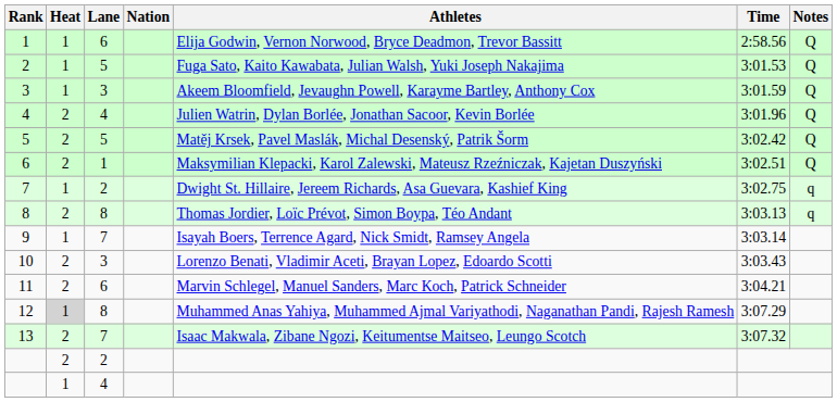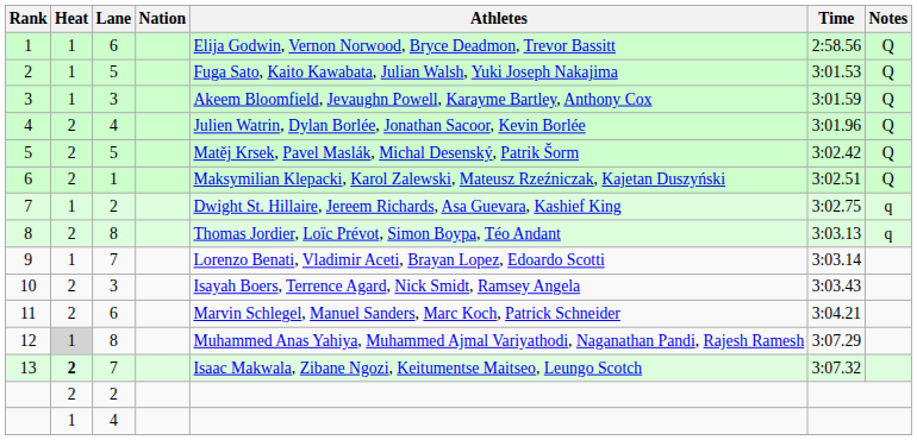 <table class="wikitable sortable" style="text-align:center; font-size:90%;">
 <tr>
 <th>Rank</th>
 <th>Heat</th>
 <th>Lane</th>
 <th>Nation</th>
 <th>Athletes</th>
 <th>Time</th>
 <th>Notes</th>
 </tr>
 <tr bgcolor=ccffcc>
 <td>1</td>
 <td>1</td>
 <td>6</td>
 <td align="left"></td>
 <td align="left"><a href='#'>Elija Godwin</a>, <a href='#'>Vernon Norwood</a>, <a href='#'>Bryce Deadmon</a>, <a href='#'>Trevor Bassitt</a></td>
 <td>2:58.56</td>
 <td>Q </td>
 </tr>
 <tr bgcolor=ccffcc>
 <td>2</td>
 <td>1</td>
 <td>5</td>
 <td align="left"></td>
 <td align="left"><a href='#'>Fuga Sato</a>, <a href='#'>Kaito Kawabata</a>, <a href='#'>Julian Walsh</a>, <a href='#'>Yuki Joseph Nakajima</a></td>
 <td>3:01.53</td>
 <td>Q </td>
 </tr>
 <tr bgcolor=ccffcc>
 <td>3</td>
 <td>1</td>
 <td>3</td>
 <td align="left"></td>
 <td align="left"><a href='#'>Akeem Bloomfield</a>, <a href='#'>Jevaughn Powell</a>, <a href='#'>Karayme Bartley</a>, <a href='#'>Anthony Cox</a></td>
 <td>3:01.59</td>
 <td>Q </td>
 </tr>
 <tr bgcolor=ccffcc>
 <td>4</td>
 <td>2</td>
 <td>4</td>
 <td align="left"></td>
 <td align="left"><a href='#'>Julien Watrin</a>, <a href='#'>Dylan Borlée</a>, <a href='#'>Jonathan Sacoor</a>, <a href='#'>Kevin Borlée</a></td>
 <td>3:01.96</td>
 <td>Q </td>
 </tr>
 <tr bgcolor=ccffcc>
 <td>5</td>
 <td>2</td>
 <td>5</td>
 <td align="left"></td>
 <td align="left"><a href='#'>Matěj Krsek</a>, <a href='#'>Pavel Maslák</a>, <a href='#'>Michal Desenský</a>, <a href='#'>Patrik Šorm</a></td>
 <td>3:02.42</td>
 <td>Q </td>
 </tr>
 <tr bgcolor=ccffcc>
 <td>6</td>
 <td>2</td>
 <td>1</td>
 <td align="left"></td>
 <td align="left"><a href='#'>Maksymilian Klepacki</a>, <a href='#'>Karol Zalewski</a>, <a href='#'>Mateusz Rzeźniczak</a>, <a href='#'>Kajetan Duszyński</a></td>
 <td>3:02.51</td>
 <td>Q </td>
 </tr>
 <tr bgcolor=ddffdd>
 <td>7</td>
 <td>1</td>
 <td>2</td>
 <td align="left"></td>
 <td align="left"><a href='#'>Dwight St. Hillaire</a>, <a href='#'>Jereem Richards</a>, <a href='#'>Asa Guevara</a>, <a href='#'>Kashief King</a></td>
 <td>3:02.75</td>
 <td>q </td>
 </tr>
 <tr bgcolor=ddffdd>
 <td>8</td>
 <td>2</td>
 <td>8</td>
 <td align="left"></td>
 <td align="left"><a href='#'>Thomas Jordier</a>, <a href='#'>Loïc Prévot</a>, <a href='#'>Simon Boypa</a>, <a href='#'>Téo Andant</a></td>
 <td>3:03.13</td>
 <td>q </td>
 </tr>
 <tr>
 <td>9</td>
 <td>1</td>
 <td>7</td>
 <td align="left"></td>
-<td align="left"><a href='#'>Isayah Boers</a>, <a href='#'>Terrence Agard</a>, <a href='#'>Nick Smidt</a>, <a href='#'>Ramsey Angela</a></td>
+<td align="left"><a href='#'>Lorenzo Benati</a>, <a href='#'>Vladimir Aceti</a>, <a href='#'>Brayan Lopez</a>, <a href='#'>Edoardo Scotti</a></td>
 <td>3:03.14</td>
 <td></td>
 </tr>
 <tr>
 <td>10</td>
 <td>2</td>
 <td>3</td>
 <td align="left"></td>
-<td align="left"><a href='#'>Lorenzo Benati</a>, <a href='#'>Vladimir Aceti</a>, <a href='#'>Brayan Lopez</a>, <a href='#'>Edoardo Scotti</a></td>
+<td align="left"><a href='#'>Isayah Boers</a>, <a href='#'>Terrence Agard</a>, <a href='#'>Nick Smidt</a>, <a href='#'>Ramsey Angela</a></td>
 <td>3:03.43</td>
 <td></td>
 </tr>
 <tr>
 <td>11</td>
 <td>2</td>
 <td>6</td>
 <td align="left"></td>
 <td align="left"><a href='#'>Marvin Schlegel</a>, <a href='#'>Manuel Sanders</a>, <a href='#'>Marc Koch</a>, <a href='#'>Patrick Schneider</a></td>
 <td>3:04.21</td>
 <td></td>
 </tr>
 <tr>
 <td>12</td>
 <td style="background: lightgrey;">1</td>
 <td>8</td>
 <td align="left"></td>
 <td align="left"><a href='#'>Muhammed Anas Yahiya</a>, <a href='#'>Muhammed Ajmal Variyathodi</a>, <a href='#'>Naganathan Pandi</a>, <a href='#'>Rajesh Ramesh</a></td>
 <td>3:07.29</td>
 <td></td>
 </tr>
 <tr bgcolor=ddffdd>
 <td>13</td>
-<td>2</td>
+<td><strong>2</strong></td>
 <td>7</td>
 <td align="left"></td>
 <td align="left"><a href='#'>Isaac Makwala</a>, <a href='#'>Zibane Ngozi</a>, <a href='#'>Keitumentse Maitseo</a>, <a href='#'>Leungo Scotch</a></td>
 <td>3:07.32</td>
 <td></td>
 </tr>
 <tr>
 <td></td>
 <td>2</td>
 <td>2</td>
 <td align="left"></td>
 <td align="left"></td>
 <td colspan=2></td>
 </tr>
 <tr>
 <td></td>
 <td>1</td>
 <td>4</td>
 <td align="left"></td>
 <td align="left"></td>
 <td colspan=2></td>
 </tr>
 </table>
